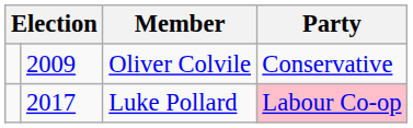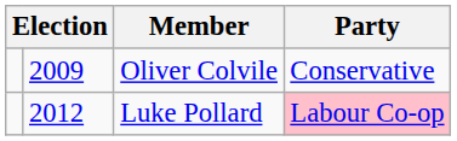 <table class="wikitable">
 <tr>
 <th colspan="2">Election</th>
 <th>Member</th>
 <th>Party</th>
 </tr>
 <tr>
 <td style="color:inherit;background-color: "></td>
 <td><a href='#'>2009</a></td>
 <td><a href='#'>Oliver Colvile</a></td>
 <td><a href='#'>Conservative</a></td>
 </tr>
 <tr>
 <td style="color:inherit;background-color: "></td>
-<td><a href='#'>2017</a></td>
+<td><a href='#'>2012</a></td>
 <td><a href='#'>Luke Pollard</a></td>
 <td style="background: pink;"><a href='#'>Labour Co-op</a></td>
 </tr>
 </table>
